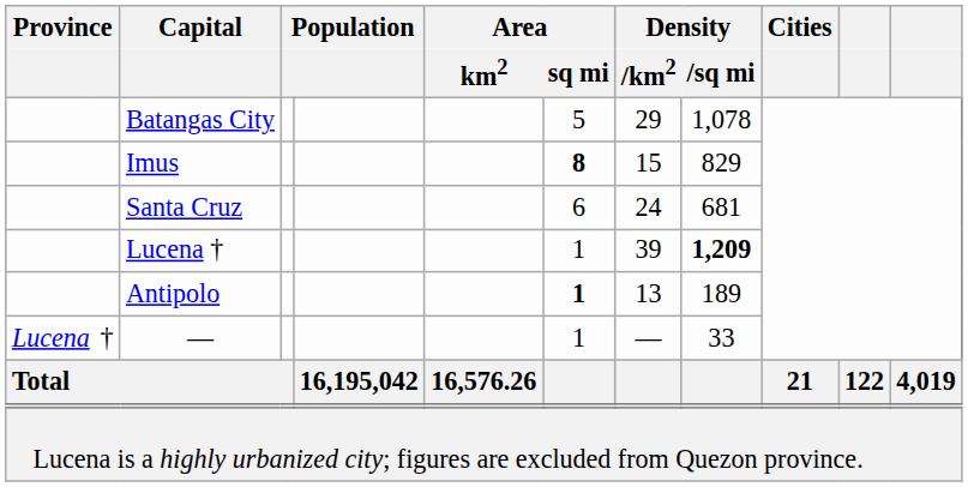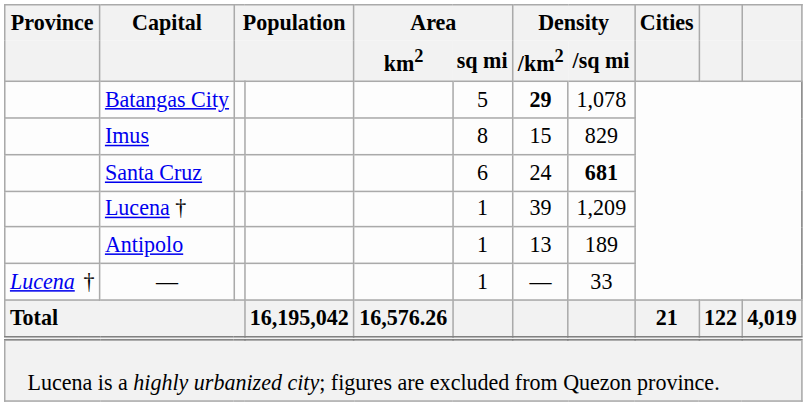 <table class="wikitable sortable" style="background-color:#FDFDFD;text-align:center;font-size:90%;border:1pt solid grey;">
 <tr>
 <th scope="col" style="border-bottom:none;" colspan=2 class="unsortable">Province </th>
 <th scope="col" style="border-bottom:none;" class="unsortable">Capital</th>
 <th scope="col" style="border-bottom:none;white-space:nowrap;" class="unsortable" colspan=2>Population </th>
 <th scope="col" style="border-bottom:none;" colspan=2>Area</th>
 <th scope="col" style="border-bottom:none;" colspan=2>Density</th>
 <th scope="col" style="border-bottom:none;" class="unsortable">Cities</th>
 <th scope="col" style="border-bottom:none;" class="unsortable"></th>
 <th scope="col" style="border-bottom:none;" class="unsortable"></th>
 </tr>
 <tr>
 <th scope="col" style="border-top:none;" colspan=2></th>
 <th scope="col" style="border-top:none;"></th>
 <th scope="col" style="border-top:none;" colspan=2></th>
 <th scope="col" style="border-style:none none solid solid;">km<sup>2</sup></th>
 <th scope="col" style="border-style:none solid solid none;white-space:nowrap;" class="unsortable">sq mi</th>
 <th scope="col" style="border-style:none none solid solid;">/km<sup>2</sup></th>
 <th scope="col" style="border-style:none solid solid none;white-space:nowrap;" class="unsortable">/sq mi</th>
 <th scope="col" style="border-top:none;"></th>
 <th scope="col" style="border-top:none;"></th>
 <th scope="col" style="border-top:none;"></th>
 </tr>
 <tr>
 <th scope="row" style="text-align:left;background-color:initial;" colspan=2></th>
 <td style="text-align:left;"><a href='#'>Batangas City</a></td>
 <td></td>
 <td></td>
 <td></td>
 <td>5</td>
-<td>29</td>
+<td><strong>29</strong></td>
 <td>1,078</td>
 </tr>
 <tr>
 <th scope="row" style="text-align:left;background-color:initial;" colspan=2></th>
 <td style="text-align:left;"><a href='#'>Imus</a></td>
 <td></td>
 <td></td>
 <td></td>
-<td><strong>8</strong></td>
+<td>8</td>
 <td>15</td>
 <td>829</td>
 </tr>
 <tr>
 <th scope="row" style="text-align:left;background-color:initial;" colspan=2></th>
 <td style="text-align:left;"><a href='#'>Santa Cruz</a></td>
 <td></td>
 <td></td>
 <td></td>
 <td>6</td>
 <td>24</td>
-<td>681</td>
+<td><strong>681</strong></td>
 </tr>
 <tr>
 <th scope="row" style="text-align:left;background-color:initial;" colspan=2></th>
 <td style="text-align:left;"><a href='#'>Lucena</a> †</td>
 <td></td>
 <td></td>
 <td></td>
 <td>1</td>
 <td>39</td>
-<td><strong>1,209</strong></td>
+<td>1,209</td>
 </tr>
 <tr>
 <th scope="row" style="text-align:left;background-color:initial;" colspan=2></th>
 <td style="text-align:left;"><a href='#'>Antipolo</a></td>
 <td></td>
 <td></td>
 <td></td>
-<td><strong>1</strong></td>
+<td>1</td>
 <td>13</td>
 <td>189</td>
 </tr>
 <tr>
 <th scope="row" style="text-align:left;background-color:#FDFDFD;border-right:0;font-weight:normal;font-style:italic;"> <a href='#'>Lucena</a></th>
 <td style="text-align:right;border-left:0;">†</td>
 <td>—</td>
 <td></td>
 <td></td>
 <td></td>
 <td>1</td>
 <td>—</td>
 <td>33</td>
 </tr>
 <tr class="sortbottom">
 <th scope="row" colspan=4 style="text-align:left;">Total</th>
 <th scope="col" style="text-align:right;" style="text-align:right;">16,195,042</th>
 <th scope="col" style="text-align:right;">16,576.26</th>
 <th scope="col"></th>
 <th scope="col" style="text-align:right;"></th>
 <th scope="col" style="text-align:right;"></th>
 <th scope="col">21</th>
 <th scope="col">122</th>
 <th scope="col">4,019</th>
 </tr>
 <tr class="sortbottom" style="text-align:left;background-color:#F2F2F2;border-top:double grey;">
 <td colspan=13 style="padding-left:1em;"><br> Lucena is a <em>highly urbanized city</em>; figures are excluded from Quezon province.</td>
 </tr>
 </table>
